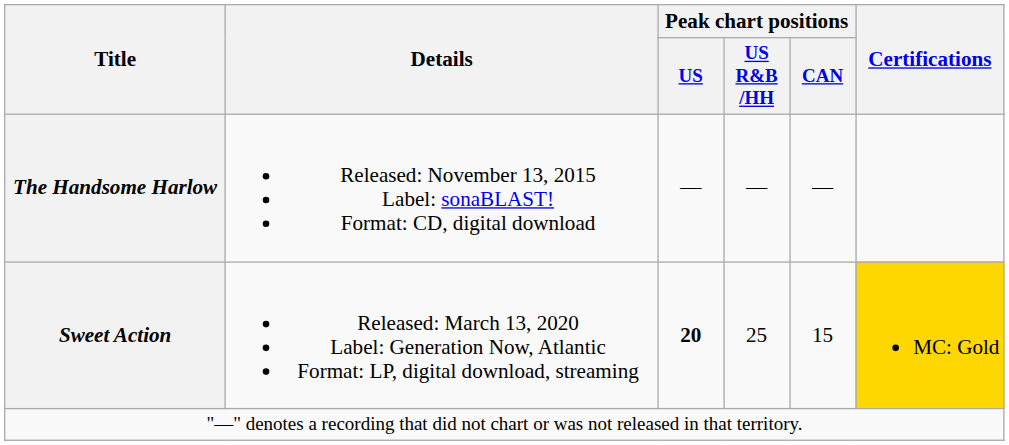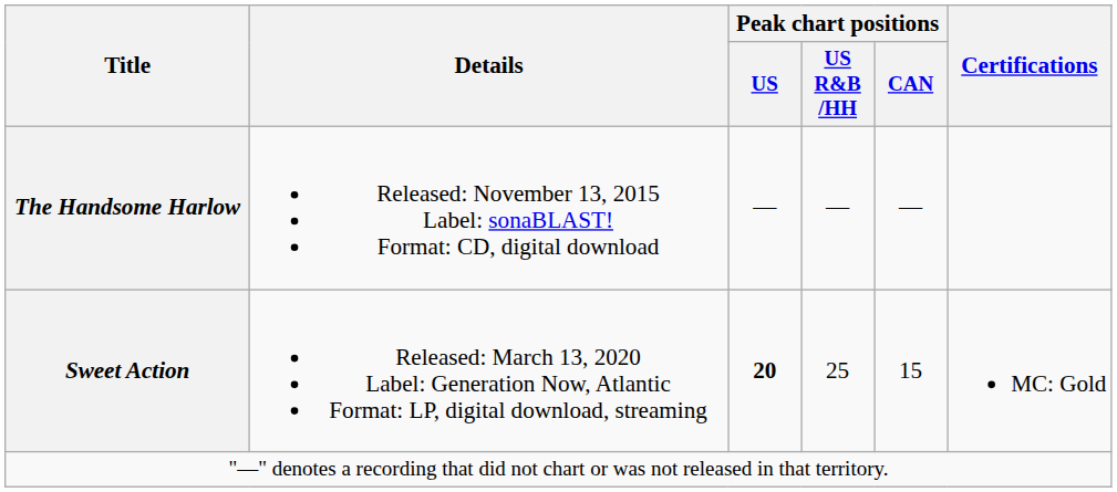 <table class="wikitable plainrowheaders" style="text-align:center">
 <tr>
 <th scope="col" rowspan="2" style="width:10em">Title</th>
 <th scope="col" rowspan="2" style="width:20em">Details</th>
 <th colspan="3" scope="col">Peak chart positions</th>
 <th scope="col" rowspan="2"><a href='#'>Certifications</a></th>
 </tr>
 <tr>
 <th scope="col" style="width:3em;font-size:90%;"><a href='#'>US</a><br></th>
 <th scope="col" style="width:3em;font-size:90%;"><a href='#'>US<br>R&B<br>/HH</a><br></th>
 <th scope="col" style="width:3em;font-size:90%;"><a href='#'>CAN</a><br></th>
 </tr>
 <tr>
 <th scope="row"><em>The Handsome Harlow</em></th>
 <td><br><ul><li>Released: November 13, 2015</li><li>Label: <a href='#'>sonaBLAST!</a></li><li>Format: CD, digital download</li></ul></td>
 <td>—</td>
 <td>—</td>
 <td>—</td>
 <td></td>
 </tr>
 <tr>
 <th scope="row"><em>Sweet Action</em></th>
 <td><br><ul><li>Released: March 13, 2020</li><li>Label: Generation Now, Atlantic</li><li>Format: LP, digital download, streaming</li></ul></td>
 <td><strong>20</strong></td>
 <td>25</td>
 <td>15</td>
-<td style="background: gold;"><br><ul><li>MC: Gold</li></ul></td>
+<td><br><ul><li>MC: Gold</li></ul></td>
 </tr>
 <tr>
 <td colspan="15" style="font-size:90%">"—" denotes a recording that did not chart or was not released in that territory.</td>
 </tr>
 </table>
